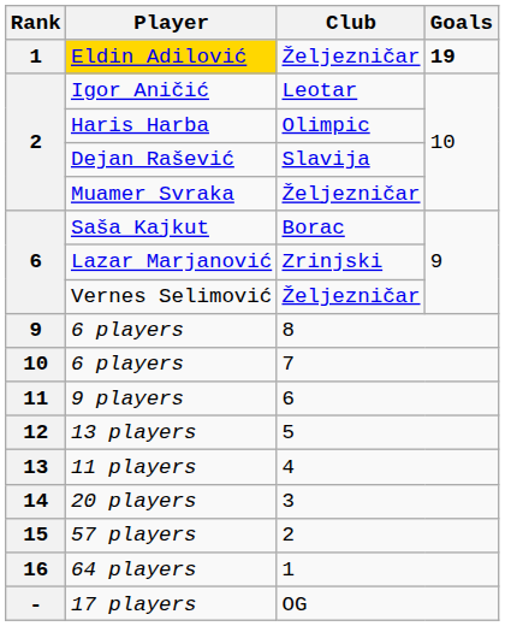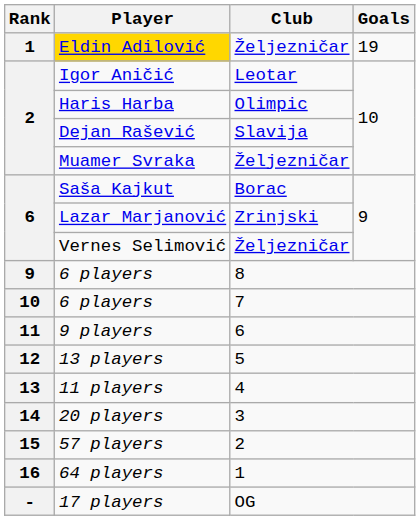 <table class="wikitable">
 <tr>
 <th>Rank</th>
 <th>Player</th>
 <th>Club</th>
 <th align=center>Goals</th>
 </tr>
 <tr>
 <th>1</th>
 <td bgcolor=gold align="left"> <a href='#'>Eldin Adilović</a></td>
 <td align="left"><a href='#'>Željezničar</a></td>
-<td><strong>19</strong></td>
+<td>19</td>
 </tr>
 <tr>
 <th rowspan="4">2</th>
 <td align="left"> <a href='#'>Igor Aničić</a></td>
 <td align="left"><a href='#'>Leotar</a></td>
 <td rowspan="4">10</td>
 </tr>
 <tr>
 <td align="left"> <a href='#'>Haris Harba</a></td>
 <td align="left"><a href='#'>Olimpic</a></td>
 </tr>
 <tr>
 <td align="left"> <a href='#'>Dejan Rašević</a></td>
 <td align="left"><a href='#'>Slavija</a></td>
 </tr>
 <tr>
 <td align="left"> <a href='#'>Muamer Svraka</a></td>
 <td align="left"><a href='#'>Željezničar</a></td>
 </tr>
 <tr>
 <th rowspan="3">6</th>
 <td align="left"> <a href='#'>Saša Kajkut</a></td>
 <td align="left"><a href='#'>Borac</a></td>
 <td rowspan="3">9</td>
 </tr>
 <tr>
 <td align="left"> <a href='#'>Lazar Marjanović</a></td>
 <td align="left"><a href='#'>Zrinjski</a></td>
 </tr>
 <tr>
 <td align="left"> Vernes Selimović</td>
 <td align="left"><a href='#'>Željezničar</a></td>
 </tr>
 <tr>
 <th>9</th>
 <td align="left"><em>6 players</em></td>
 <td colspan=2>8</td>
 </tr>
 <tr>
 <th>10</th>
 <td align="left"><em>6 players</em></td>
 <td colspan=2>7</td>
 </tr>
 <tr>
 <th>11</th>
 <td align="left"><em>9 players</em></td>
 <td colspan=2>6</td>
 </tr>
 <tr>
 <th>12</th>
 <td align="left"><em>13 players</em></td>
 <td colspan=2>5</td>
 </tr>
 <tr>
 <th>13</th>
 <td align="left"><em>11 players</em></td>
 <td colspan=2>4</td>
 </tr>
 <tr>
 <th>14</th>
 <td align="left"><em>20 players</em></td>
 <td colspan=2>3</td>
 </tr>
 <tr>
 <th>15</th>
 <td align="left"><em>57 players</em></td>
 <td colspan=2>2</td>
 </tr>
 <tr>
 <th rowspan=″1″>16</th>
 <td align=″left″><em>64 players</em></td>
 <td colspan=2>1</td>
 </tr>
 <tr>
 <th>-</th>
 <td align="left"><em>17 players</em></td>
 <td colspan=2>OG</td>
 </tr>
 </table>
